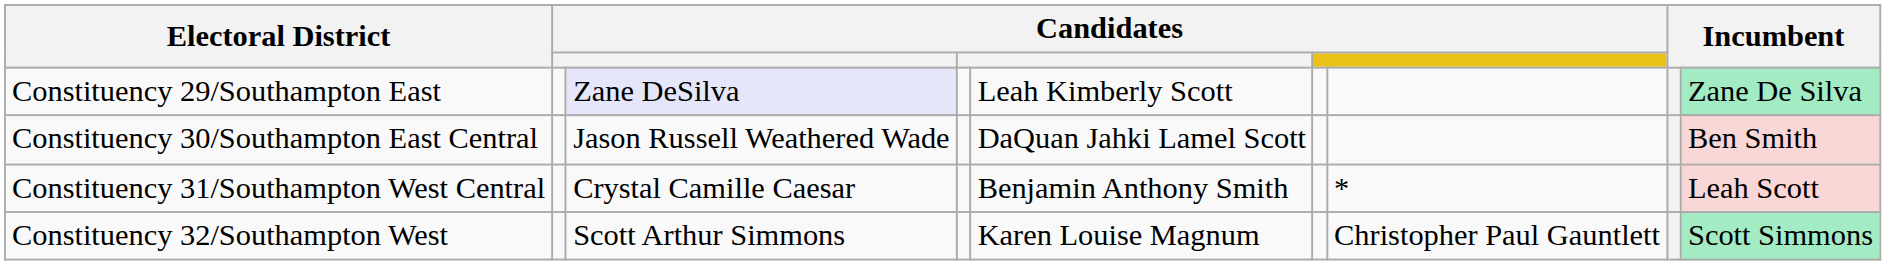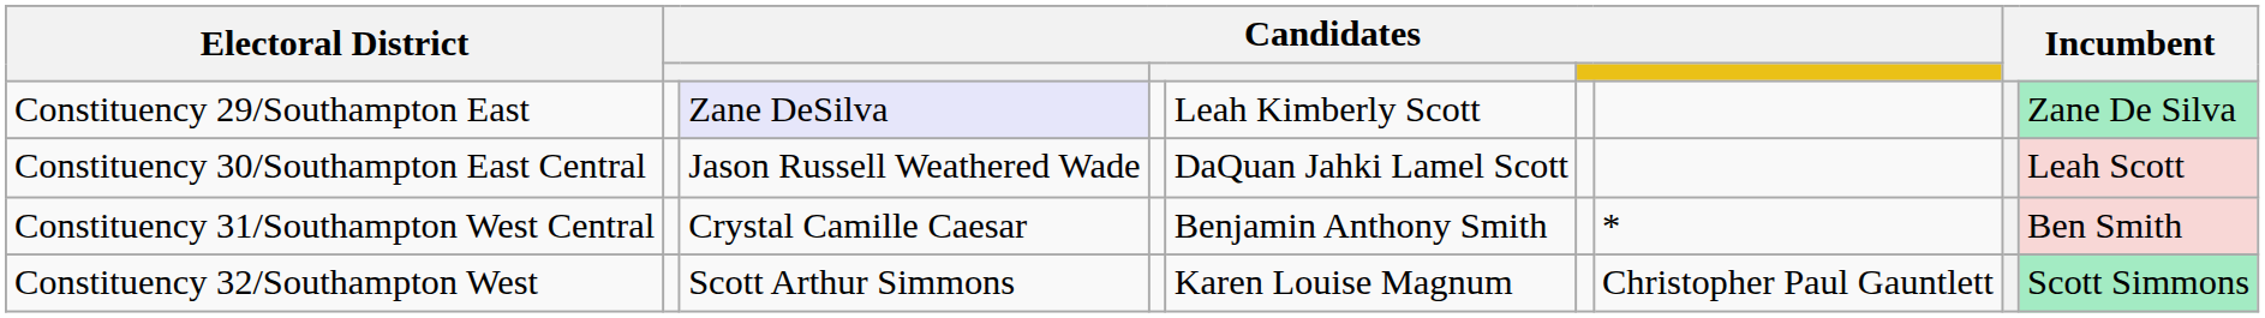 <table class="wikitable">
 <tr>
 <th rowspan="2">Electoral District</th>
 <th colspan="6">Candidates</th>
 <th colspan="2" rowspan="2">Incumbent</th>
 </tr>
 <tr>
 <th colspan="2" style="background:"><a href='#'></a></th>
 <th colspan="2" style="background:"><a href='#'></a></th>
 <td colspan="2" style="background:#EAC117"><a href='#'></a></td>
 </tr>
 <tr>
 <td Southampton East – Windreach Bermuda>Constituency 29/Southampton East</td>
 <td></td>
 <td style="background: lavender;">Zane DeSilva</td>
 <td></td>
 <td>Leah Kimberly Scott</td>
 <td></td>
 <td></td>
 <th style="background:"></th>
 <td style="background:#a3ebc3">Zane De Silva</td>
 </tr>
 <tr>
 <td>Constituency 30/Southampton East Central</td>
 <td></td>
 <td>Jason Russell Weathered Wade</td>
 <td></td>
 <td>DaQuan Jahki Lamel Scott</td>
 <td></td>
 <td></td>
 <th style="background:"></th>
-<td style="background:#F8D7D6;">Ben Smith</td>
+<td style="background:#F8D7D6;">Leah Scott</td>
 </tr>
 <tr>
 <td>Constituency 31/Southampton West Central</td>
 <td></td>
 <td>Crystal Camille Caesar</td>
 <td></td>
 <td>Benjamin Anthony Smith</td>
 <td></td>
 <td>*</td>
 <th style="background:"></th>
-<td style="background:#F8D7D6;">Leah Scott</td>
+<td style="background:#F8D7D6;">Ben Smith</td>
 </tr>
 <tr>
 <td>Constituency 32/Southampton West</td>
 <td></td>
 <td>Scott Arthur Simmons</td>
 <td></td>
 <td>Karen Louise Magnum</td>
 <td></td>
 <td>Christopher Paul Gauntlett</td>
 <th style="background:"></th>
 <td style="background:#a3ebc3">Scott Simmons</td>
 </tr>
 </table>
